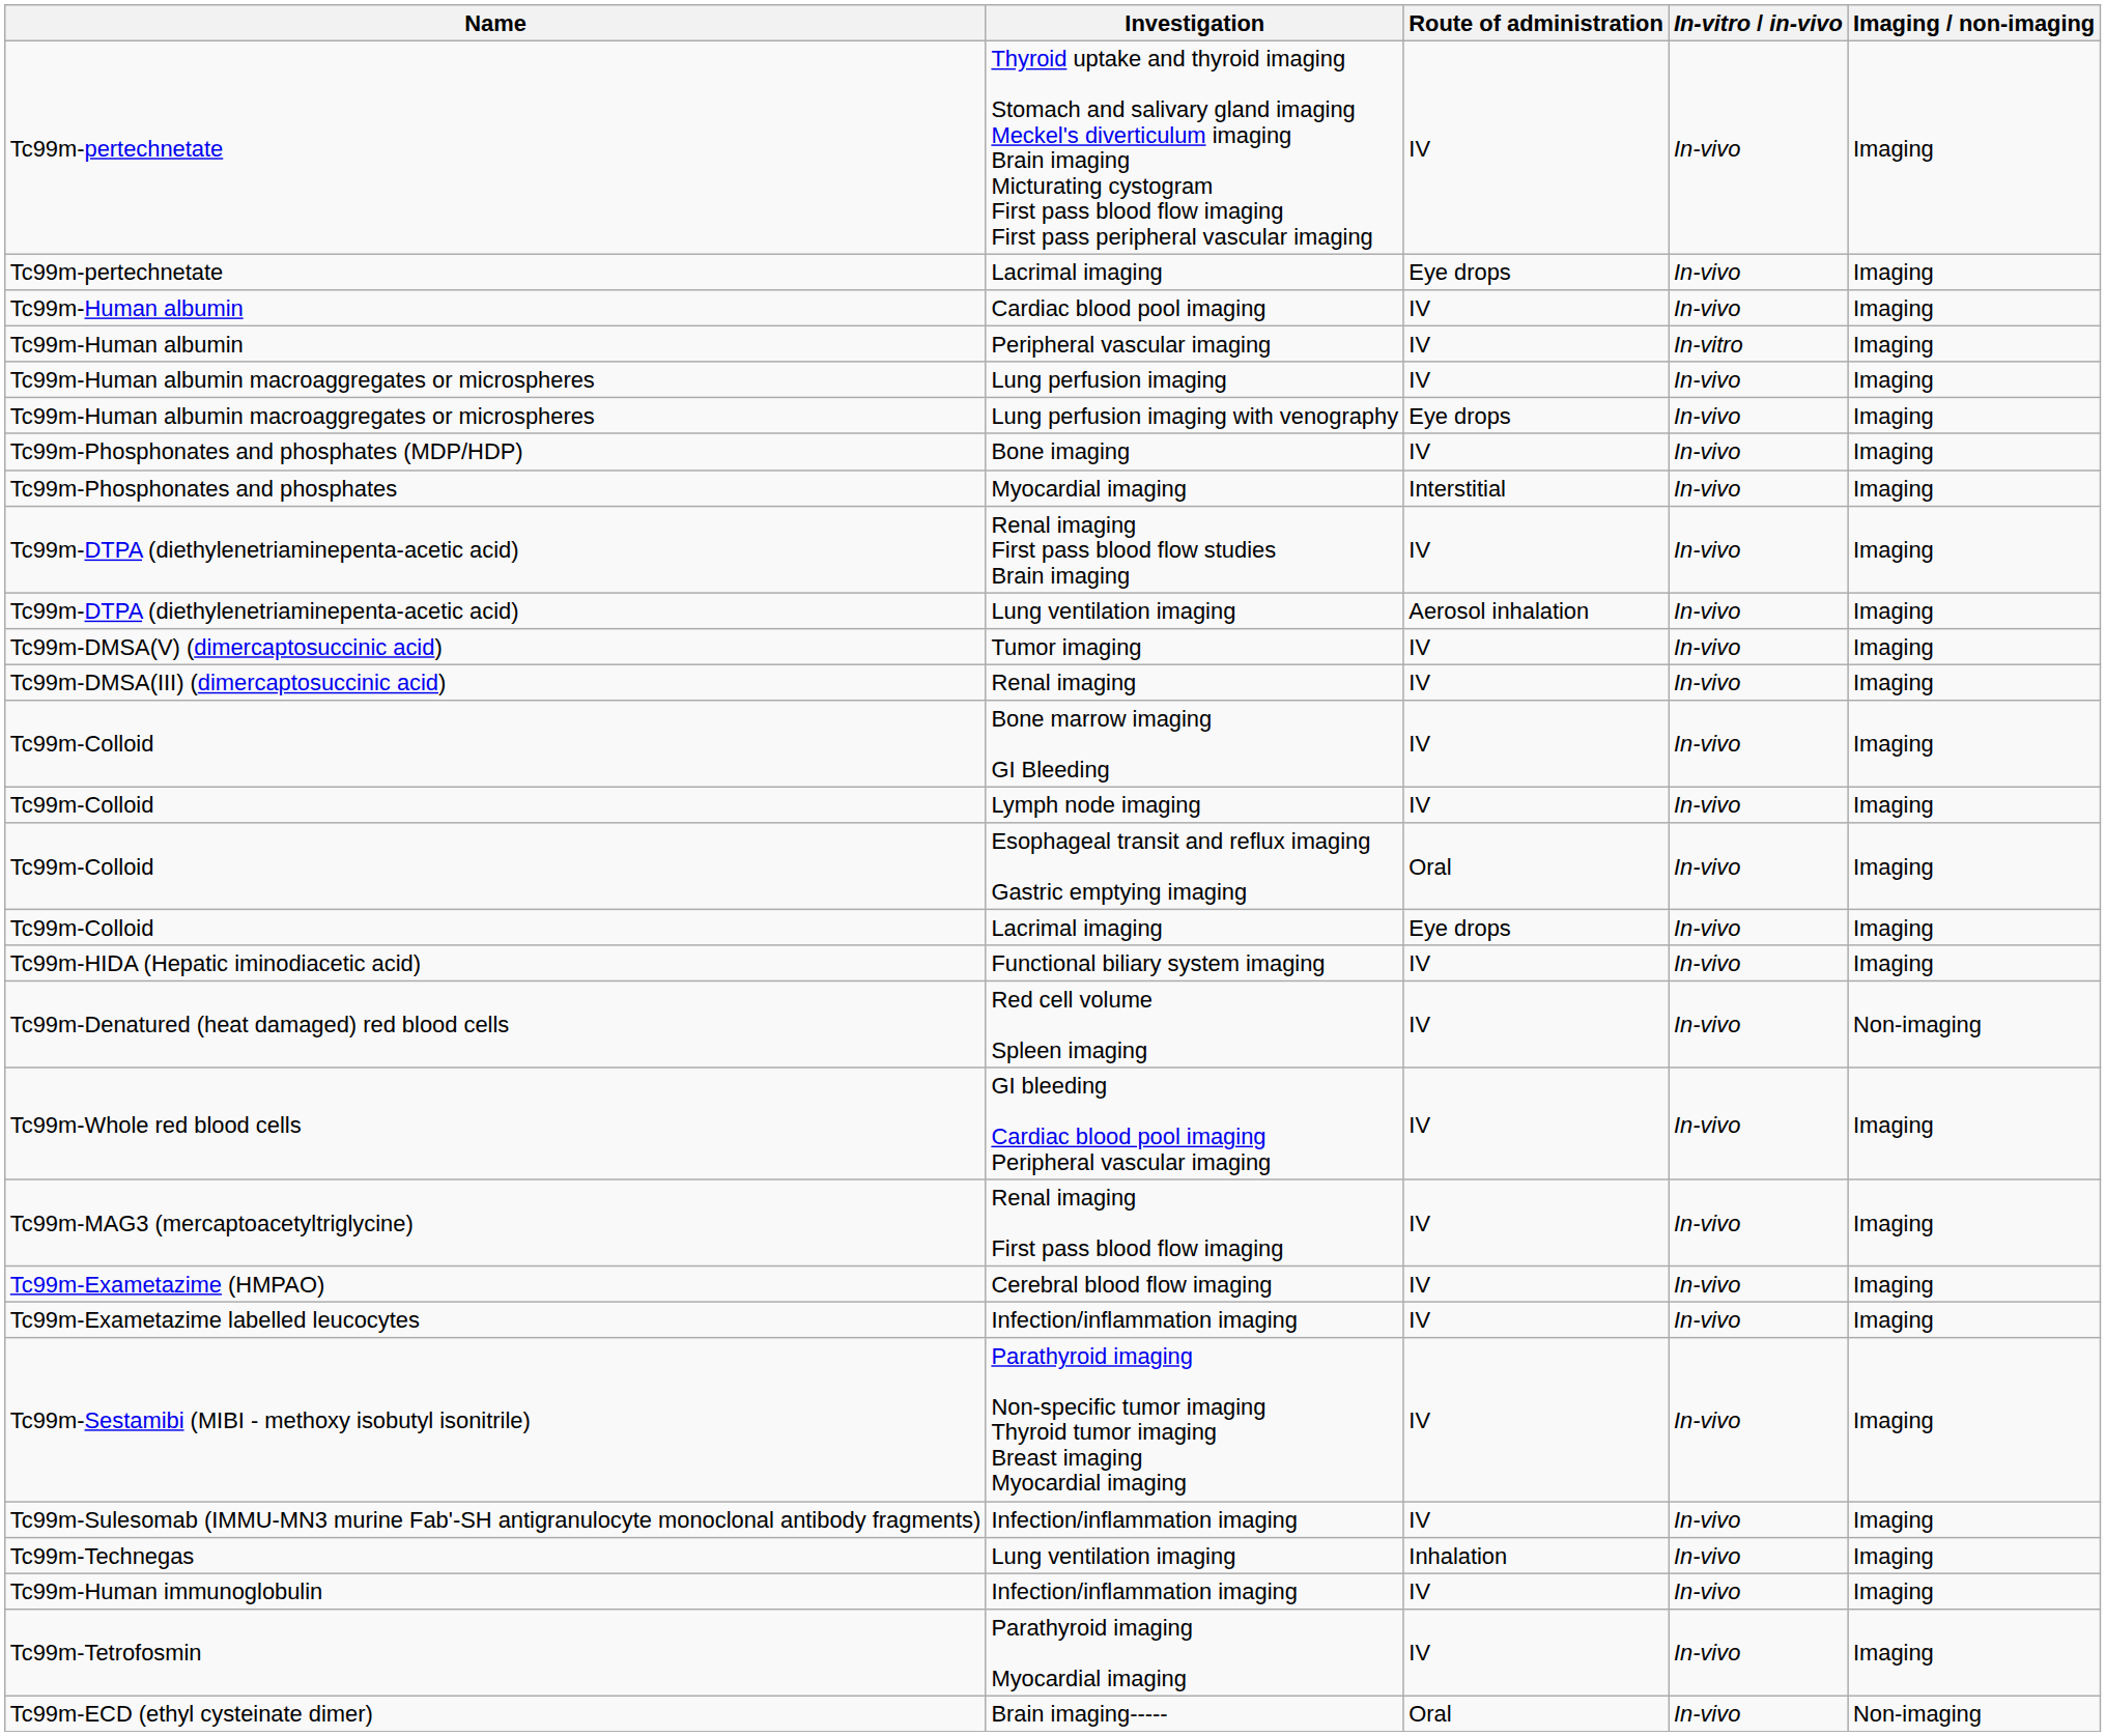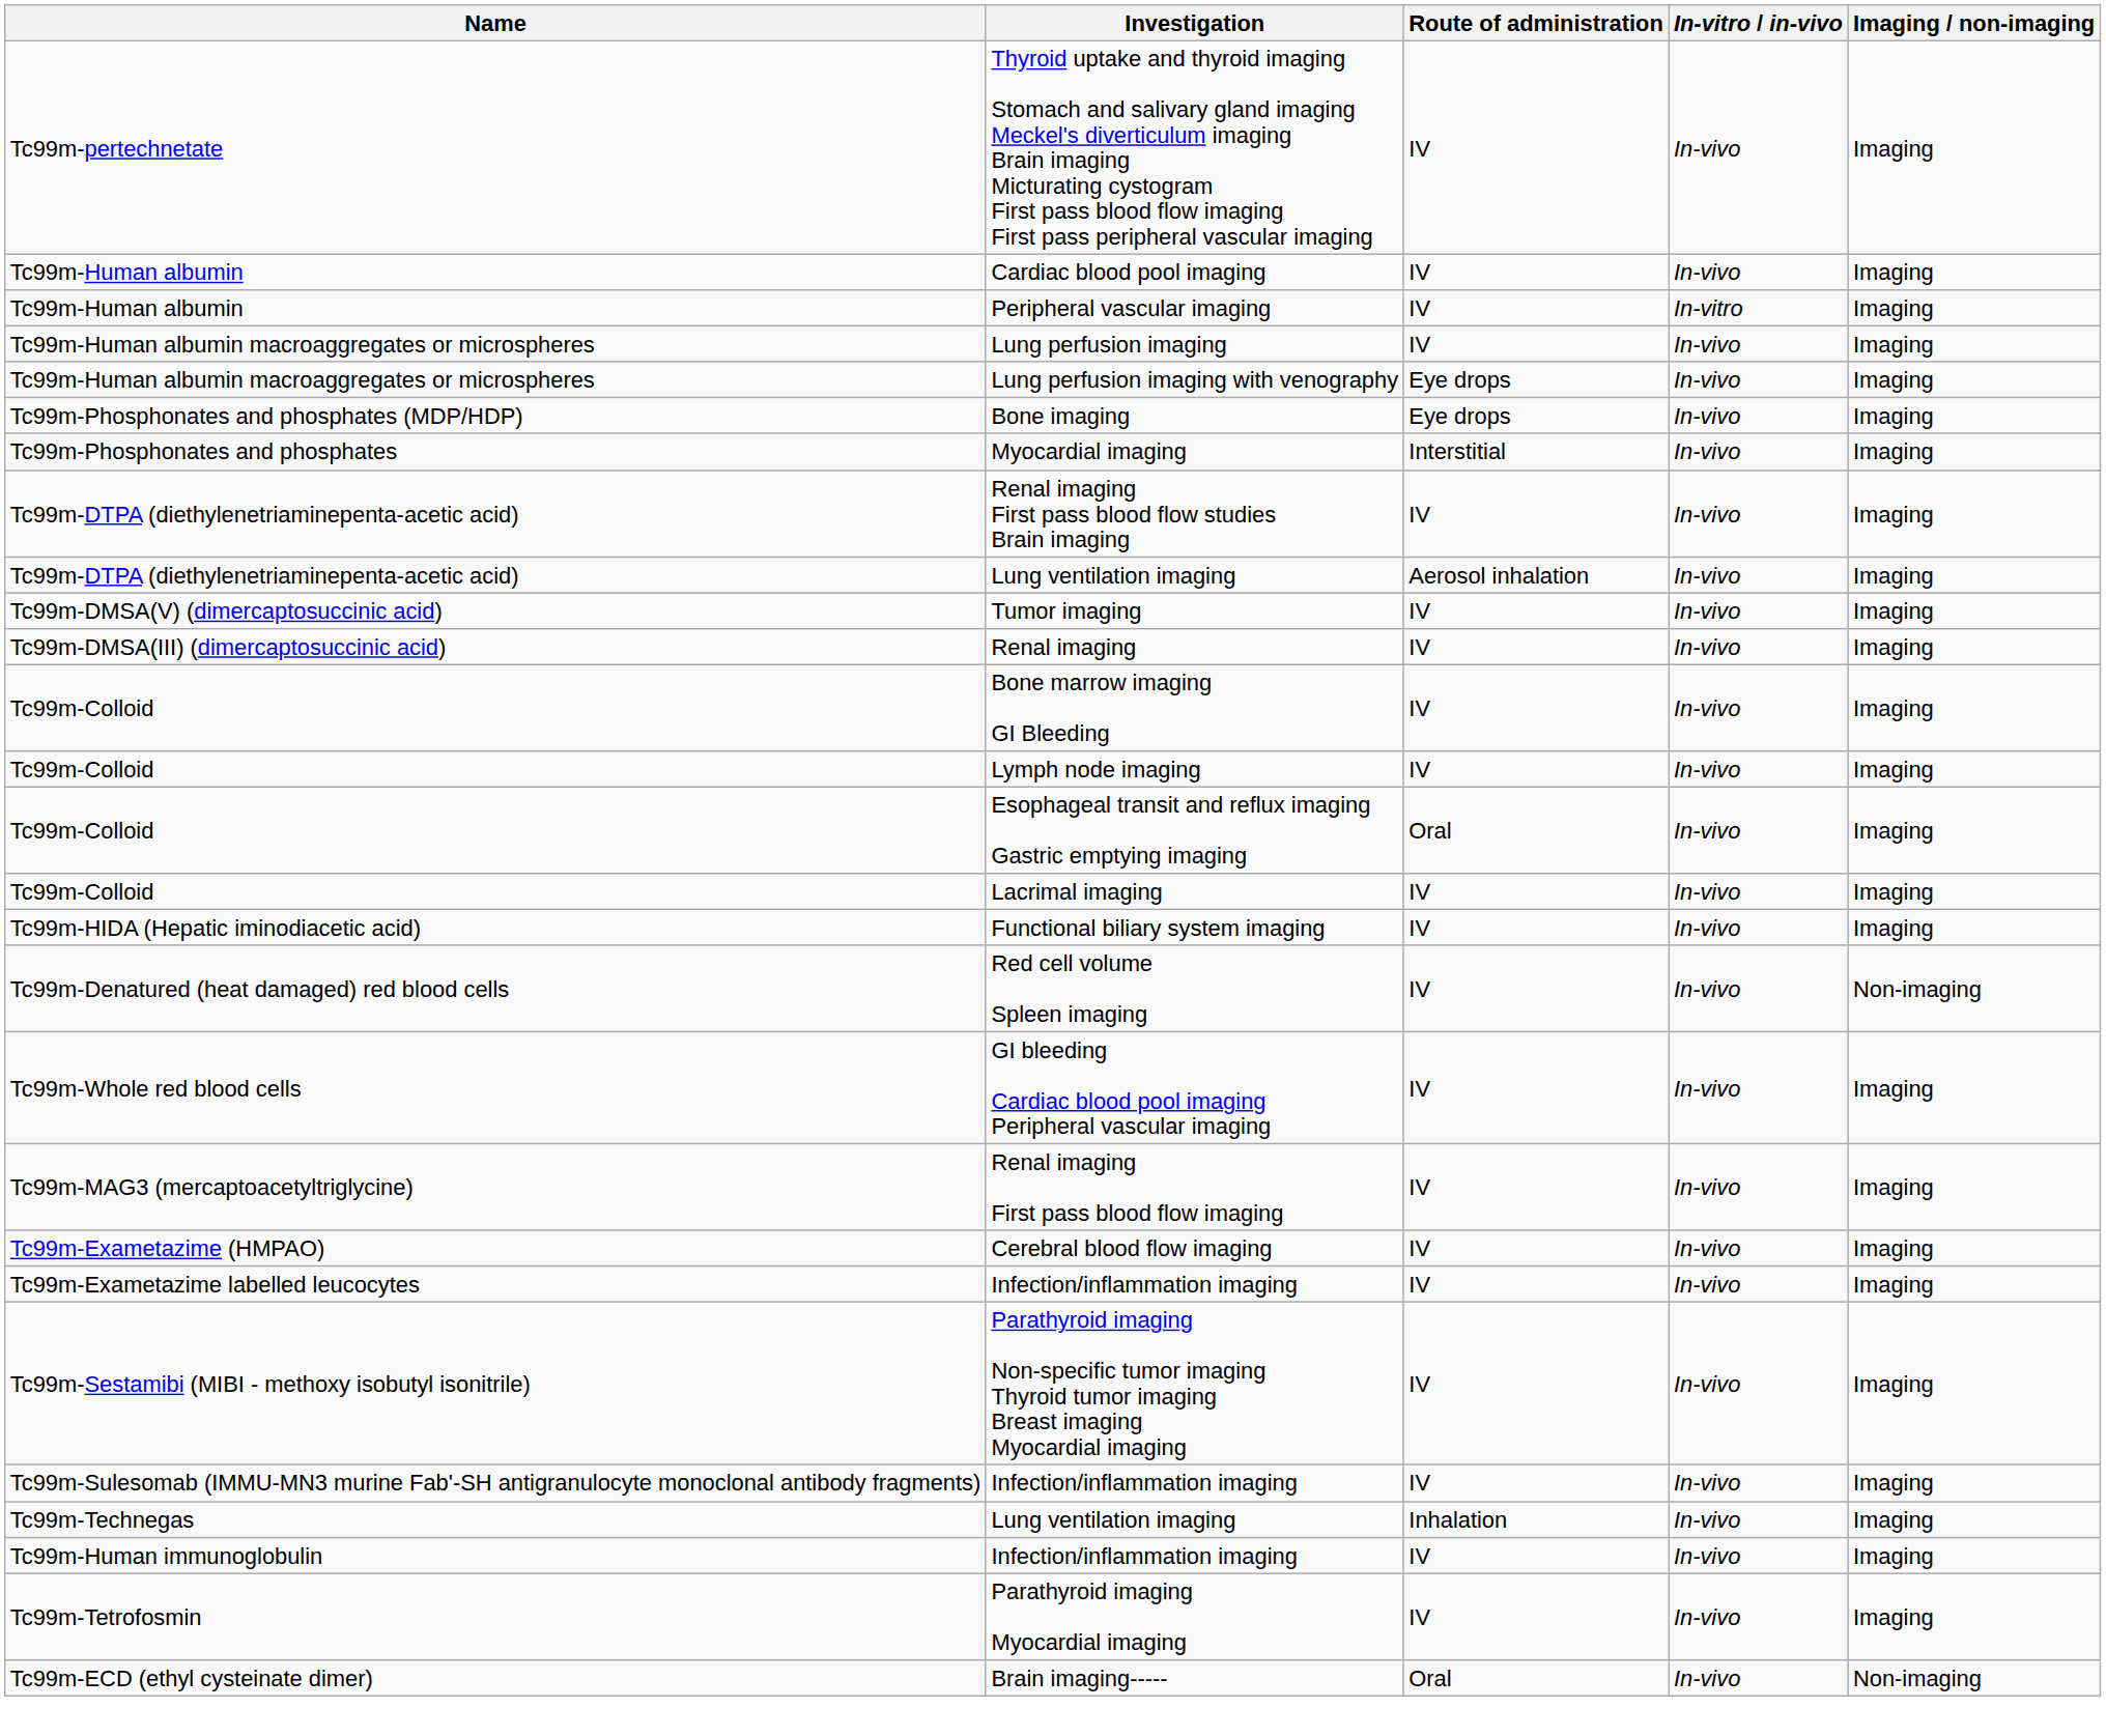 <table class="wikitable" style="font-size:95%">
 <tr>
 <th>Name</th>
 <th>Investigation</th>
 <th>Route of administration</th>
 <th><em>In-vitro</em> / <em>in-vivo</em></th>
 <th>Imaging / non-imaging</th>
 </tr>
 <tr>
 <td>Tc99m-<a href='#'>pertechnetate</a></td>
 <td><a href='#'>Thyroid</a> uptake and thyroid imaging<br><br>Stomach and salivary gland imaging<br> <a href='#'>Meckel's diverticulum</a> imaging<br> Brain imaging<br> Micturating cystogram<br> First pass blood flow imaging<br> First pass peripheral vascular imaging</td>
 <td>IV</td>
-<td><em>In-vivo</em></td>
-<td>Imaging</td>
-</tr>
-<tr>
-<td>Tc99m-pertechnetate</td>
-<td>Lacrimal imaging</td>
-<td>Eye drops</td>
 <td><em>In-vivo</em></td>
 <td>Imaging</td>
 </tr>
 <tr>
 <td>Tc99m-<a href='#'>Human albumin</a></td>
 <td>Cardiac blood pool imaging</td>
 <td>IV</td>
 <td><em>In-vivo</em></td>
 <td>Imaging</td>
 </tr>
 <tr>
 <td>Tc99m-Human albumin</td>
 <td>Peripheral vascular imaging</td>
 <td>IV</td>
 <td><em>In-vitro</em></td>
 <td>Imaging</td>
 </tr>
 <tr>
 <td>Tc99m-Human albumin macroaggregates or microspheres</td>
 <td>Lung perfusion imaging</td>
 <td>IV</td>
 <td><em>In-vivo</em></td>
 <td>Imaging</td>
 </tr>
 <tr>
 <td>Tc99m-Human albumin macroaggregates or microspheres</td>
 <td>Lung perfusion imaging with venography</td>
 <td>Eye drops</td>
 <td><em>In-vivo</em></td>
 <td>Imaging</td>
 </tr>
 <tr>
 <td>Tc99m-Phosphonates and phosphates (MDP/HDP)</td>
 <td>Bone imaging</td>
-<td>IV</td>
+<td>Eye drops</td>
 <td><em>In-vivo</em></td>
 <td>Imaging</td>
 </tr>
 <tr>
 <td>Tc99m-Phosphonates and phosphates</td>
 <td>Myocardial imaging</td>
 <td>Interstitial</td>
 <td><em>In-vivo</em></td>
 <td>Imaging</td>
 </tr>
 <tr>
 <td>Tc99m-<a href='#'>DTPA</a> (diethylenetriaminepenta-acetic acid)</td>
 <td>Renal imaging<br>First pass blood flow studies<br>Brain imaging</td>
 <td>IV</td>
 <td><em>In-vivo</em></td>
 <td>Imaging</td>
 </tr>
 <tr>
 <td>Tc99m-<a href='#'>DTPA</a> (diethylenetriaminepenta-acetic acid)</td>
 <td>Lung ventilation imaging</td>
 <td>Aerosol inhalation</td>
 <td><em>In-vivo</em></td>
 <td>Imaging</td>
 </tr>
 <tr>
 <td>Tc99m-DMSA(V) (<a href='#'>dimercaptosuccinic acid</a>)</td>
 <td>Tumor imaging</td>
 <td>IV</td>
 <td><em>In-vivo</em></td>
 <td>Imaging</td>
 </tr>
 <tr>
 <td>Tc99m-DMSA(III) (<a href='#'>dimercaptosuccinic acid</a>)</td>
 <td>Renal imaging</td>
 <td>IV</td>
 <td><em>In-vivo</em></td>
 <td>Imaging</td>
 </tr>
 <tr>
 <td>Tc99m-Colloid</td>
 <td>Bone marrow imaging<br><br>GI Bleeding</td>
 <td>IV</td>
 <td><em>In-vivo</em></td>
 <td>Imaging</td>
 </tr>
 <tr>
 <td>Tc99m-Colloid</td>
 <td>Lymph node imaging</td>
 <td>IV</td>
 <td><em>In-vivo</em></td>
 <td>Imaging</td>
 </tr>
 <tr>
 <td>Tc99m-Colloid</td>
 <td>Esophageal transit and reflux imaging<br><br>Gastric emptying imaging</td>
 <td>Oral</td>
 <td><em>In-vivo</em></td>
 <td>Imaging</td>
 </tr>
 <tr>
 <td>Tc99m-Colloid</td>
 <td>Lacrimal imaging</td>
-<td>Eye drops</td>
+<td>IV</td>
 <td><em>In-vivo</em></td>
 <td>Imaging</td>
 </tr>
 <tr>
 <td>Tc99m-HIDA (Hepatic iminodiacetic acid)</td>
 <td>Functional biliary system imaging</td>
 <td>IV</td>
 <td><em>In-vivo</em></td>
 <td>Imaging</td>
 </tr>
 <tr>
 <td>Tc99m-Denatured (heat damaged) red blood cells</td>
 <td>Red cell volume<br><br>Spleen imaging</td>
 <td>IV</td>
 <td><em>In-vivo</em></td>
 <td>Non-imaging</td>
 </tr>
 <tr>
 <td>Tc99m-Whole red blood cells</td>
 <td>GI bleeding<br><br><a href='#'>Cardiac blood pool imaging</a><br> Peripheral vascular imaging</td>
 <td>IV</td>
 <td><em>In-vivo</em></td>
 <td>Imaging</td>
 </tr>
 <tr>
 <td>Tc99m-MAG3 (mercaptoacetyltriglycine)</td>
 <td>Renal imaging<br><br>First pass blood flow imaging<br></td>
 <td>IV</td>
 <td><em>In-vivo</em></td>
 <td>Imaging</td>
 </tr>
 <tr>
 <td><a href='#'>Tc99m-Exametazime</a> (HMPAO)</td>
 <td>Cerebral blood flow imaging</td>
 <td>IV</td>
 <td><em>In-vivo</em></td>
 <td>Imaging</td>
 </tr>
 <tr>
 <td>Tc99m-Exametazime labelled leucocytes</td>
 <td>Infection/inflammation imaging</td>
 <td>IV</td>
 <td><em>In-vivo</em></td>
 <td>Imaging</td>
 </tr>
 <tr>
 <td>Tc99m-<a href='#'>Sestamibi</a> (MIBI - methoxy isobutyl isonitrile)</td>
 <td><a href='#'>Parathyroid imaging</a><br><br>Non-specific tumor imaging<br> Thyroid tumor imaging<br> Breast imaging<br> Myocardial imaging</td>
 <td>IV</td>
 <td><em>In-vivo</em></td>
 <td>Imaging</td>
 </tr>
 <tr>
 <td>Tc99m-Sulesomab (IMMU-MN3 murine Fab'-SH antigranulocyte monoclonal antibody fragments)</td>
 <td>Infection/inflammation imaging</td>
 <td>IV</td>
 <td><em>In-vivo</em></td>
 <td>Imaging</td>
 </tr>
 <tr>
 <td>Tc99m-Technegas</td>
 <td>Lung ventilation imaging</td>
 <td>Inhalation</td>
 <td><em>In-vivo</em></td>
 <td>Imaging</td>
 </tr>
 <tr>
 <td>Tc99m-Human immunoglobulin</td>
 <td>Infection/inflammation imaging</td>
 <td>IV</td>
 <td><em>In-vivo</em></td>
 <td>Imaging</td>
 </tr>
 <tr>
 <td>Tc99m-Tetrofosmin</td>
 <td>Parathyroid imaging<br><br>Myocardial imaging</td>
 <td>IV</td>
 <td><em>In-vivo</em></td>
 <td>Imaging</td>
 </tr>
 <tr>
 <td>Tc99m-ECD (ethyl cysteinate dimer)</td>
 <td>Brain imaging-----</td>
 <td>Oral</td>
 <td><em>In-vivo</em></td>
 <td>Non-imaging</td>
 </tr>
 </table>
